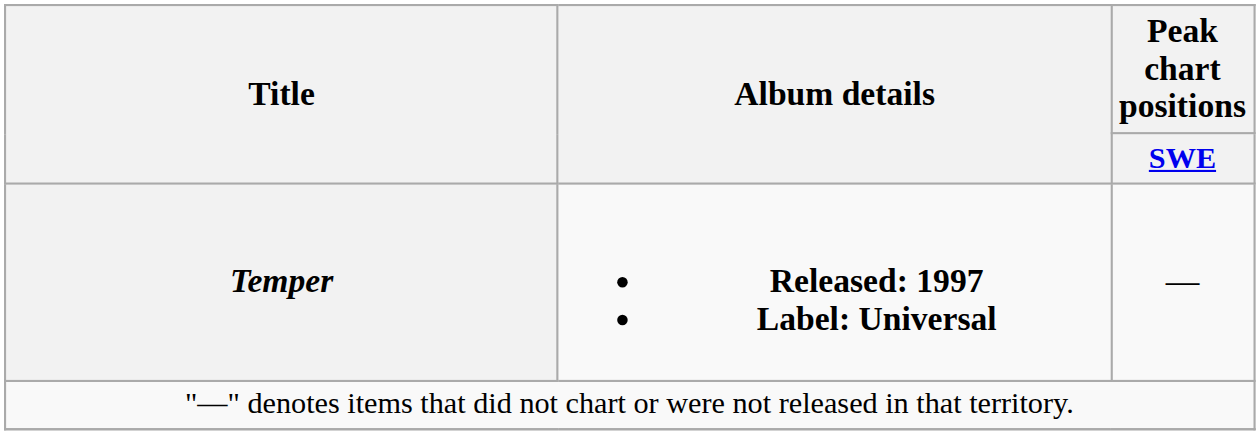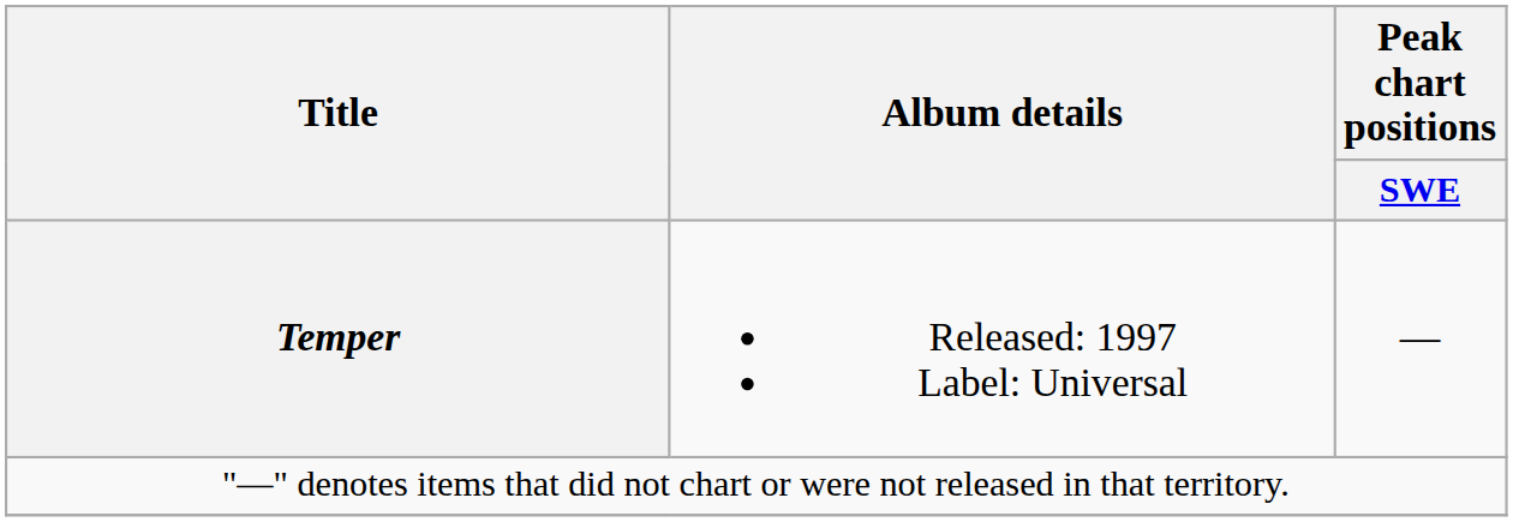 <table class="wikitable plainrowheaders" style="text-align:center;">
 <tr>
 <th scope="col" rowspan="2" style="width:16em;">Title</th>
 <th scope="col" rowspan="2" style="width:16em;">Album details</th>
 <th scope="col" colspan="1">Peak<br>chart<br>positions</th>
 </tr>
 <tr>
 <th style="width:2em;font-size:90%;"><a href='#'>SWE</a><br></th>
 </tr>
 <tr>
 <th scope="row"><em>Temper</em></th>
-<td><strong><br><ul><li>Released: 1997</li><li>Label: Universal</li></ul></strong></td>
+<td><br><ul><li>Released: 1997</li><li>Label: Universal</li></ul></td>
 <td>—</td>
 </tr>
 <tr>
 <td align="center" colspan="15" style="font-size:90%">"—" denotes items that did not chart or were not released in that territory.</td>
 </tr>
 <tr>
 </tr>
 </table>
